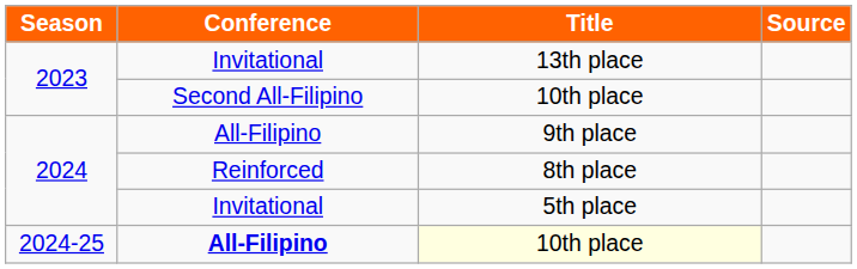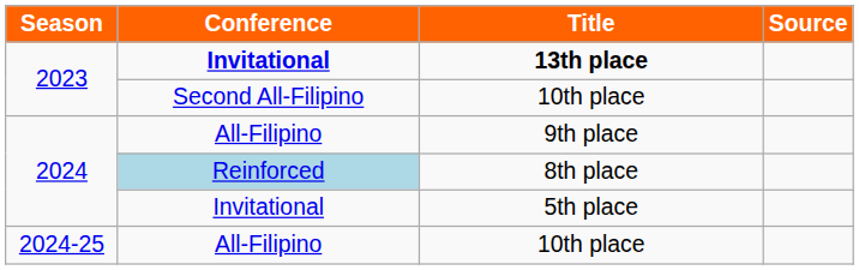 <table class="wikitable">
 <tr>
 <th width=70px style="background:#FF6201; color:white; text-align: center"><strong>Season</strong></th>
 <th width=200px style="background:#FF6201; color:white">Conference</th>
 <th width=230px style="background:#FF6201; color:white">Title</th>
 <th width=50px style="background:#FF6201; color:white">Source</th>
 </tr>
 <tr align=center>
 <td rowspan=2><a href='#'>2023</a></td>
-<td><a href='#'>Invitational</a></td>
-<td>13th place</td>
+<td><strong><a href='#'>Invitational</a></strong></td>
+<td><strong>13th place</strong></td>
 <td></td>
 </tr>
 <tr align=center>
 <td><a href='#'>Second All-Filipino</a></td>
 <td>10th place</td>
 <td></td>
 </tr>
 <tr align=center>
 <td rowspan=3><a href='#'>2024</a></td>
 <td><a href='#'>All-Filipino</a></td>
 <td>9th place</td>
 <td></td>
 </tr>
 <tr align=center>
-<td><a href='#'>Reinforced</a></td>
+<td style="background: lightblue;"><a href='#'>Reinforced</a></td>
 <td>8th place</td>
 <td></td>
 </tr>
 <tr align=center>
 <td><a href='#'>Invitational</a></td>
 <td>5th place</td>
 <td></td>
 </tr>
 <tr align=center>
 <td rowspan=3><a href='#'>2024-25</a></td>
-<td><strong><a href='#'>All-Filipino</a></strong></td>
-<td style="background: lightyellow;">10th place</td>
+<td><a href='#'>All-Filipino</a></td>
+<td>10th place</td>
 <td></td>
 </tr>
 </table>
